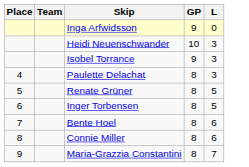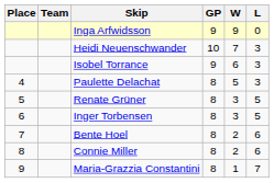 <table class="wikitable" style="text-align:center;">
 <tr>
 <th>Place</th>
 <th>Team</th>
 <th>Skip</th>
 <th width="25">GP</th>
+<th width="25">W</th>
 <th width="25">L</th>
 </tr>
 <tr bgcolor="#ffffcc">
 <td></td>
 <td align=left></td>
 <td align=left><a href='#'>Inga Arfwidsson</a></td>
+<td>9</td>
 <td>9</td>
 <td>0</td>
 </tr>
 <tr>
 <td></td>
 <td align=left></td>
 <td align=left><a href='#'>Heidi Neuenschwander</a></td>
 <td>10</td>
+<td>7</td>
 <td>3</td>
 </tr>
 <tr>
 <td></td>
 <td align=left></td>
 <td align=left><a href='#'>Isobel Torrance</a></td>
 <td>9</td>
+<td>6</td>
 <td>3</td>
 </tr>
 <tr>
 <td>4</td>
 <td align=left></td>
 <td align=left><a href='#'>Paulette Delachat</a></td>
 <td>8</td>
+<td>5</td>
 <td>3</td>
 </tr>
 <tr>
 <td>5</td>
 <td align=left></td>
 <td align=left><a href='#'>Renate Grüner</a></td>
 <td>8</td>
+<td>3</td>
 <td>5</td>
 </tr>
 <tr>
 <td>6</td>
 <td align=left></td>
 <td align=left><a href='#'>Inger Torbensen</a></td>
 <td>8</td>
+<td>3</td>
 <td>5</td>
 </tr>
 <tr>
 <td>7</td>
 <td align=left></td>
 <td align=left><a href='#'>Bente Hoel</a></td>
 <td>8</td>
+<td>2</td>
 <td>6</td>
 </tr>
 <tr>
 <td>8</td>
 <td align=left></td>
 <td align=left><a href='#'>Connie Miller</a></td>
 <td>8</td>
+<td>2</td>
 <td>6</td>
 </tr>
 <tr>
 <td>9</td>
 <td align=left></td>
 <td align=left><a href='#'>Maria-Grazzia Constantini</a></td>
 <td>8</td>
+<td>1</td>
 <td>7</td>
 </tr>
 </table>
